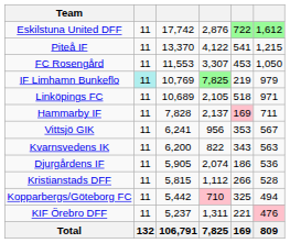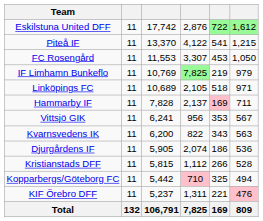 <table class="wikitable sortable" style="font-size: 95%;text-align: center;">
 <tr>
 <th>Team</th>
 <th></th>
 <th></th>
 <th></th>
 <th></th>
 <th></th>
 </tr>
 <tr>
 <td><a href='#'>Eskilstuna United DFF</a></td>
 <td>11</td>
 <td>17,742</td>
 <td>2,876</td>
 <td bgcolor="#98FB98">722</td>
 <td bgcolor="#98FB98">1,612</td>
 </tr>
 <tr>
 <td><a href='#'>Piteå IF</a></td>
 <td>11</td>
 <td>13,370</td>
 <td>4,122</td>
 <td>541</td>
 <td>1,215</td>
 </tr>
 <tr>
 <td><a href='#'>FC Rosengård</a></td>
 <td>11</td>
 <td>11,553</td>
 <td>3,307</td>
 <td>453</td>
 <td>1,050</td>
 </tr>
 <tr>
 <td><a href='#'>IF Limhamn Bunkeflo</a></td>
-<td style="background: paleturquoise;">11</td>
+<td>11</td>
 <td>10,769</td>
 <td bgcolor="#98FB98">7,825</td>
 <td>219</td>
 <td>979</td>
 </tr>
 <tr>
 <td><a href='#'>Linköpings FC</a></td>
 <td>11</td>
 <td>10,689</td>
 <td>2,105</td>
 <td>518</td>
 <td>971</td>
 </tr>
 <tr>
 <td><a href='#'>Hammarby IF</a></td>
 <td>11</td>
 <td>7,828</td>
 <td>2,137</td>
 <td bgcolor="#FFC0CB">169</td>
 <td>711</td>
 </tr>
 <tr>
 <td><a href='#'>Vittsjö GIK</a></td>
 <td>11</td>
 <td>6,241</td>
 <td>956</td>
 <td>353</td>
 <td>567</td>
 </tr>
 <tr>
 <td><a href='#'>Kvarnsvedens IK</a></td>
 <td>11</td>
 <td>6,200</td>
 <td>822</td>
 <td>343</td>
 <td>563</td>
 </tr>
 <tr>
 <td><a href='#'>Djurgårdens IF</a></td>
 <td>11</td>
 <td>5,905</td>
 <td>2,074</td>
 <td>186</td>
 <td>536</td>
 </tr>
 <tr>
 <td><a href='#'>Kristianstads DFF</a></td>
 <td>11</td>
 <td>5,815</td>
 <td>1,112</td>
 <td>266</td>
 <td>528</td>
 </tr>
 <tr>
 <td><a href='#'>Kopparbergs/Göteborg FC</a></td>
 <td>11</td>
 <td>5,442</td>
 <td bgcolor="#FFC0CB">710</td>
 <td>325</td>
 <td>494</td>
 </tr>
 <tr>
 <td><a href='#'>KIF Örebro DFF</a></td>
 <td>11</td>
 <td>5,237</td>
 <td>1,311</td>
 <td>221</td>
 <td bgcolor="#FFC0CB">476</td>
 </tr>
 <tr>
 <th>Total</th>
 <th>132</th>
 <th>106,791</th>
 <th>7,825</th>
 <th>169</th>
 <th>809</th>
 </tr>
 </table>
